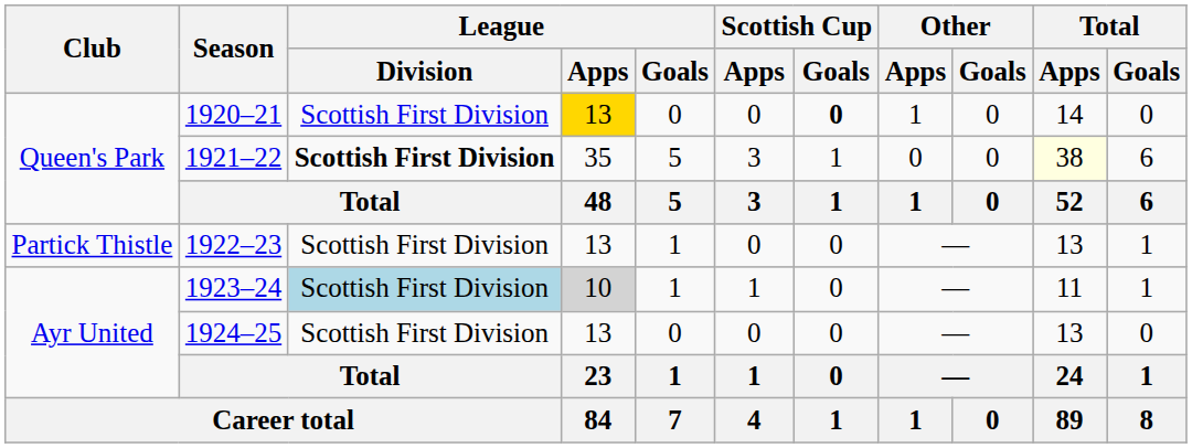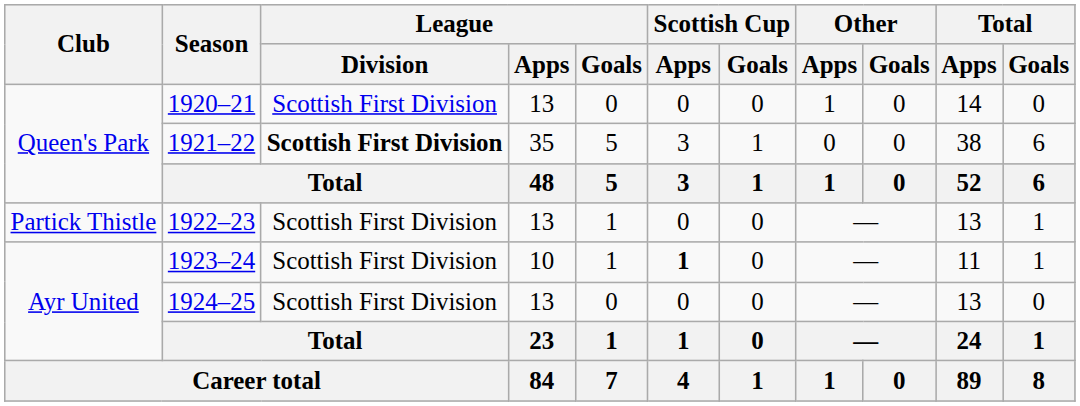 <table class="wikitable" style="text-align: center;">
 <tr>
 <th rowspan="2">Club</th>
 <th rowspan="2">Season</th>
 <th colspan="3">League</th>
 <th colspan="2">Scottish Cup</th>
 <th colspan="2">Other</th>
 <th colspan="2">Total</th>
 </tr>
 <tr>
 <th>Division</th>
 <th>Apps</th>
 <th>Goals</th>
 <th>Apps</th>
 <th>Goals</th>
 <th>Apps</th>
 <th>Goals</th>
 <th>Apps</th>
 <th>Goals</th>
 </tr>
 <tr>
 <td rowspan="3"><a href='#'>Queen's Park</a></td>
 <td><a href='#'>1920–21</a></td>
 <td><a href='#'>Scottish First Division</a></td>
-<td style="background: gold;">13</td>
+<td>13</td>
 <td>0</td>
 <td>0</td>
-<td><strong>0</strong></td>
+<td>0</td>
 <td>1</td>
 <td>0</td>
 <td>14</td>
 <td>0</td>
 </tr>
 <tr>
 <td><a href='#'>1921–22</a></td>
 <td><strong>Scottish First Division</strong></td>
 <td>35</td>
 <td>5</td>
 <td>3</td>
 <td>1</td>
 <td>0</td>
 <td>0</td>
-<td style="background: lightyellow;">38</td>
+<td>38</td>
 <td>6</td>
 </tr>
 <tr>
 <th colspan="2">Total</th>
 <th>48</th>
 <th>5</th>
 <th>3</th>
 <th>1</th>
 <th>1</th>
 <th>0</th>
 <th>52</th>
 <th>6</th>
 </tr>
 <tr>
 <td><a href='#'>Partick Thistle</a></td>
 <td><a href='#'>1922–23</a></td>
 <td>Scottish First Division</td>
 <td>13</td>
 <td>1</td>
 <td>0</td>
 <td>0</td>
 <td colspan="2">—</td>
 <td>13</td>
 <td>1</td>
 </tr>
 <tr>
 <td rowspan="3"><a href='#'>Ayr United</a></td>
 <td><a href='#'>1923–24</a></td>
-<td style="background: lightblue;">Scottish First Division</td>
-<td style="background: lightgrey;">10</td>
+<td>Scottish First Division</td>
+<td>10</td>
 <td>1</td>
-<td>1</td>
+<td><strong>1</strong></td>
 <td>0</td>
 <td colspan="2">—</td>
 <td>11</td>
 <td>1</td>
 </tr>
 <tr>
 <td><a href='#'>1924–25</a></td>
 <td>Scottish First Division</td>
 <td>13</td>
 <td>0</td>
 <td>0</td>
 <td>0</td>
 <td colspan="2">—</td>
 <td>13</td>
 <td>0</td>
 </tr>
 <tr>
 <th colspan="2">Total</th>
 <th>23</th>
 <th>1</th>
 <th>1</th>
 <th>0</th>
 <th colspan="2">—</th>
 <th>24</th>
 <th>1</th>
 </tr>
 <tr>
 <th colspan="3">Career total</th>
 <th>84</th>
 <th>7</th>
 <th>4</th>
 <th>1</th>
 <th>1</th>
 <th>0</th>
 <th>89</th>
 <th>8</th>
 </tr>
 </table>
